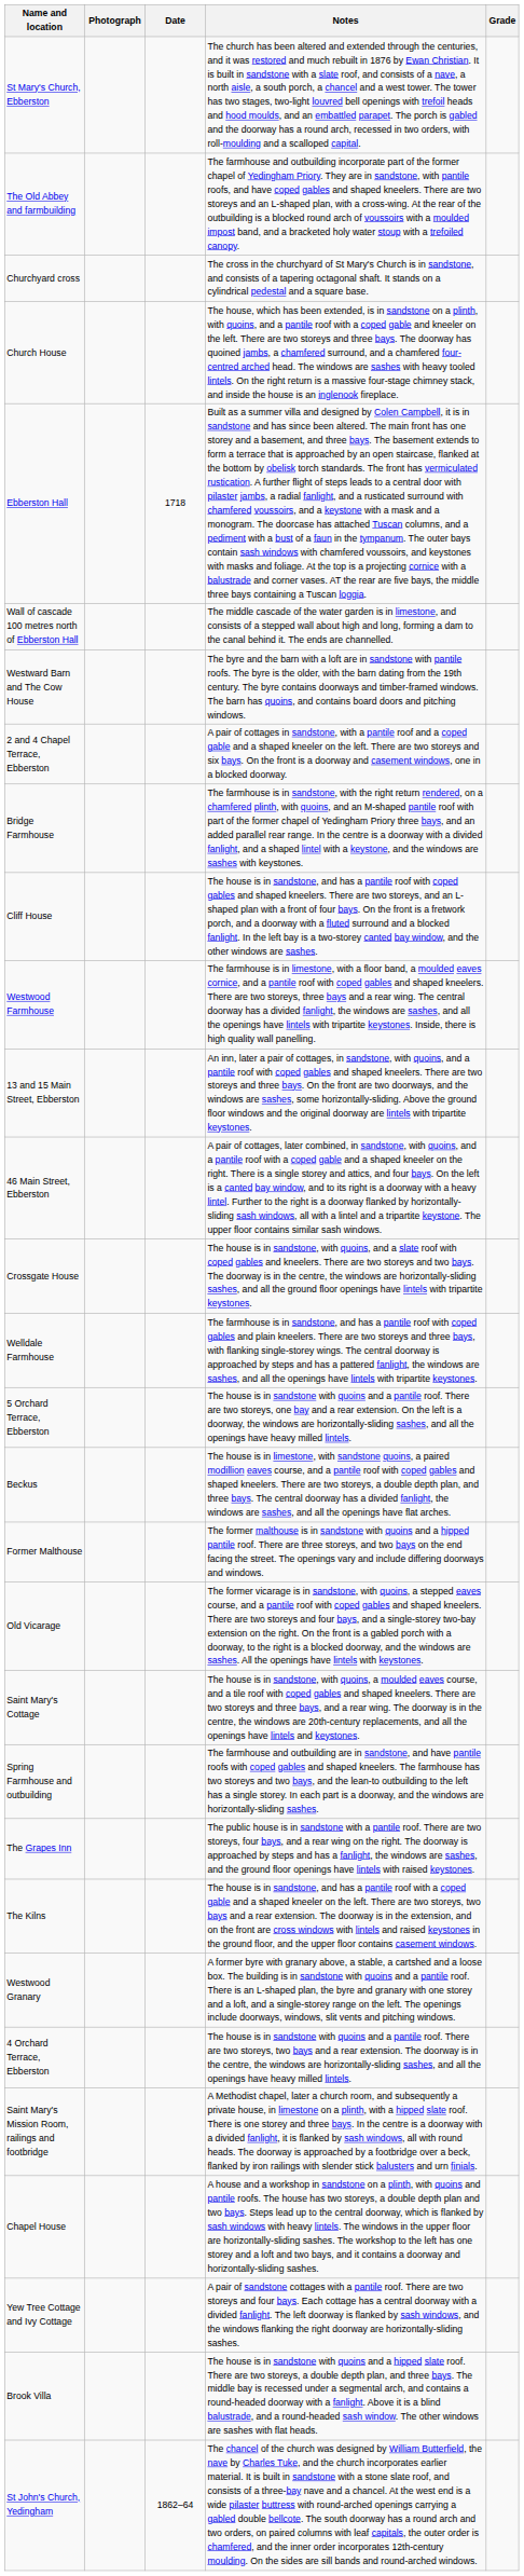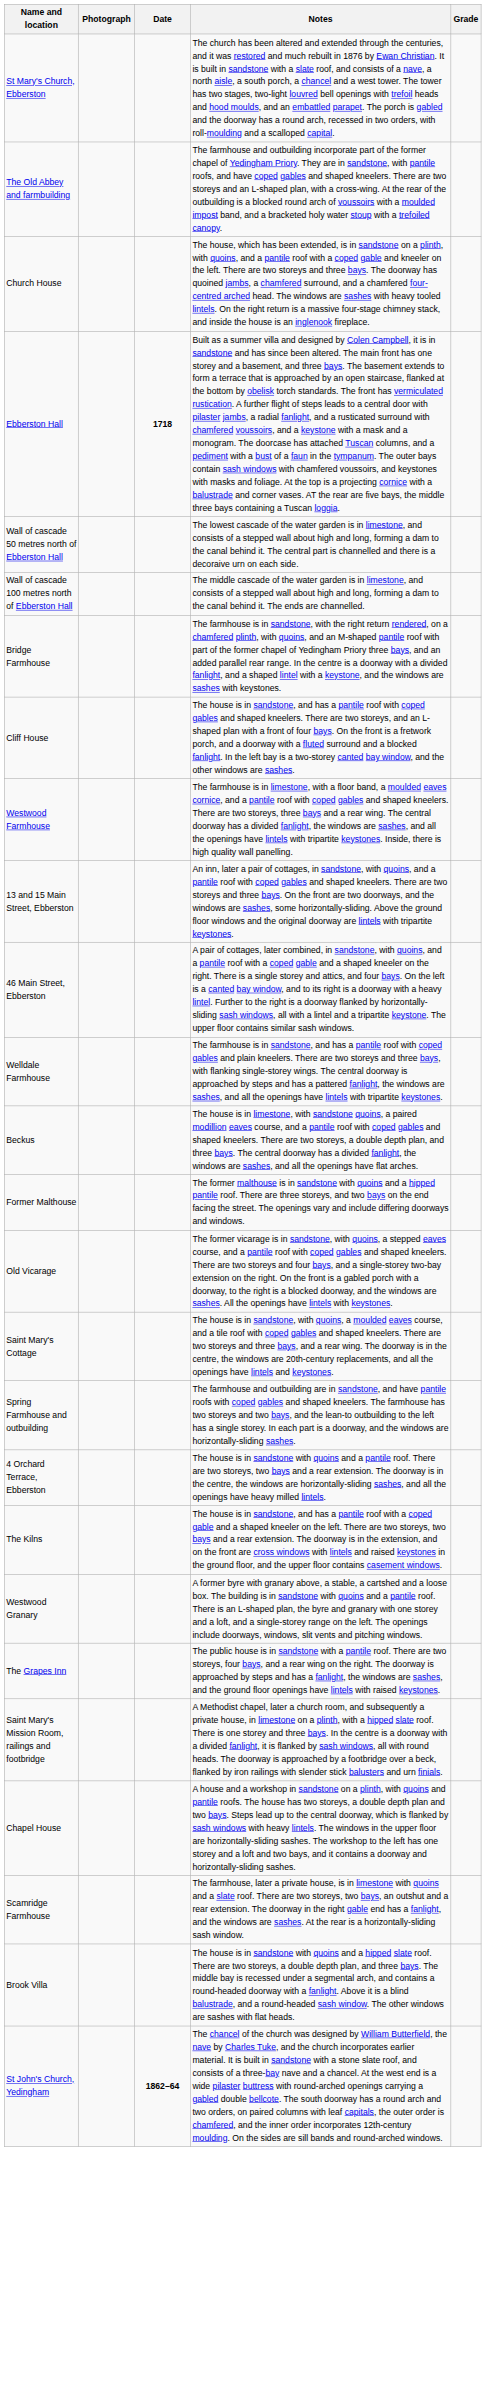 <table class="wikitable sortable plainrowheaders" style="width:100%; border:0px; text-align:left; line-height:150%">
 <tr>
 <th scope="col"  style="width:150px">Name and location</th>
 <th scope="col"  style="width:100px" class="unsortable">Photograph</th>
 <th scope="col"  style="width:120px">Date</th>
 <th scope="col"  style="width:650px" class="unsortable">Notes</th>
 <th scope="col"  style="width:50px">Grade</th>
 </tr>
 <tr>
 <td><a href='#'>St Mary's Church, Ebberston</a><br><small></small></td>
 <td></td>
 <td align="center"></td>
 <td>The church has been altered and extended through the centuries, and it was <a href='#'>restored</a> and much rebuilt in 1876 by <a href='#'>Ewan Christian</a>.  It is built in <a href='#'>sandstone</a> with a <a href='#'>slate</a> roof, and consists of a <a href='#'>nave</a>, a north <a href='#'>aisle</a>, a south porch, a <a href='#'>chancel</a> and a west tower.  The tower has two stages, two-light <a href='#'>louvred</a> bell openings with <a href='#'>trefoil</a> heads and <a href='#'>hood moulds</a>, and an <a href='#'>embattled</a> <a href='#'>parapet</a>.  The porch is <a href='#'>gabled</a> and the doorway has a round arch, recessed in two orders, with roll-<a href='#'>moulding</a> and a scalloped <a href='#'>capital</a>.</td>
 <td align="center" ></td>
 </tr>
 <tr>
 <td><a href='#'>The Old Abbey and farmbuilding</a><br><small></small></td>
 <td></td>
 <td align="center"></td>
 <td>The farmhouse and outbuilding incorporate part of the former chapel of <a href='#'>Yedingham Priory</a>.  They are in <a href='#'>sandstone</a>, with <a href='#'>pantile</a> roofs, and have <a href='#'>coped</a> <a href='#'>gables</a> and shaped kneelers.  There are two storeys and an L-shaped plan, with a cross-wing.  At the rear of the outbuilding is a blocked round arch of <a href='#'>voussoirs</a> with a <a href='#'>moulded</a> <a href='#'>impost</a> band, and a bracketed holy water <a href='#'>stoup</a> with a <a href='#'>trefoiled</a> <a href='#'>canopy</a>.</td>
 <td align="center" ></td>
 </tr>
 <tr>
-<td>Churchyard cross<br><small></small></td>
-<td></td>
-<td align="center"></td>
-<td>The cross in the churchyard of St Mary's Church is in <a href='#'>sandstone</a>, and consists of a tapering octagonal shaft.  It stands on a cylindrical <a href='#'>pedestal</a> and a square base.</td>
-<td align="center" ></td>
-</tr>
-<tr>
 <td>Church House<br><small></small></td>
 <td></td>
 <td align="center"></td>
 <td>The house, which has been extended, is in <a href='#'>sandstone</a> on a <a href='#'>plinth</a>, with <a href='#'>quoins</a>, and a <a href='#'>pantile</a> roof with a <a href='#'>coped</a> <a href='#'>gable</a> and kneeler on the left.  There are two storeys and three <a href='#'>bays</a>.  The doorway has quoined <a href='#'>jambs</a>, a <a href='#'>chamfered</a> surround, and a chamfered <a href='#'>four-centred arched</a> head.  The windows are <a href='#'>sashes</a> with heavy tooled <a href='#'>lintels</a>.  On the right return is a massive four-stage chimney stack, and inside the house is an <a href='#'>inglenook</a> fireplace.</td>
 <td align="center" ></td>
 </tr>
 <tr>
 <td><a href='#'>Ebberston Hall</a><br><small></small></td>
 <td></td>
-<td align="center">1718</td>
+<td align="center"><strong>1718</strong></td>
 <td>Built as a summer villa and designed by <a href='#'>Colen Campbell</a>, it is in <a href='#'>sandstone</a> and has since been altered.  The main front has one storey and a basement, and three <a href='#'>bays</a>.  The basement extends to form a terrace that is approached by an open staircase, flanked at the bottom by <a href='#'>obelisk</a> torch standards.  The front has <a href='#'>vermiculated</a> <a href='#'>rustication</a>.  A further flight of steps leads to a central door with <a href='#'>pilaster</a> <a href='#'>jambs</a>, a radial <a href='#'>fanlight</a>, and a rusticated surround with <a href='#'>chamfered</a> <a href='#'>voussoirs</a>, and a <a href='#'>keystone</a> with a mask and a monogram.  The doorcase has attached <a href='#'>Tuscan</a> columns, and a <a href='#'>pediment</a> with a <a href='#'>bust</a> of a <a href='#'>faun</a> in the <a href='#'>tympanum</a>.  The outer bays contain <a href='#'>sash windows</a> with chamfered voussoirs, and keystones with masks and foliage.  At the top is a projecting <a href='#'>cornice</a> with a <a href='#'>balustrade</a> and corner vases.  AT the rear are five bays, the middle three bays containing a Tuscan <a href='#'>loggia</a>.</td>
+<td align="center" ></td>
+</tr>
+<tr>
+<td>Wall of cascade 50 metres north of <a href='#'>Ebberston Hall</a><br><small></small></td>
+<td></td>
+<td align="center"></td>
+<td>The lowest cascade of the water garden is in <a href='#'>limestone</a>, and consists of a stepped wall about  high and  long, forming a dam to the canal behind it.  The central part is channelled and there is a decoraive urn on each side.</td>
 <td align="center" ></td>
 </tr>
 <tr>
 <td>Wall of cascade 100 metres north of <a href='#'>Ebberston Hall</a><br><small></small></td>
 <td></td>
 <td align="center"></td>
 <td>The middle cascade of the water garden is in <a href='#'>limestone</a>, and consists of a stepped wall about  high and  long, forming a dam to the canal behind it.  The ends are channelled.</td>
-<td align="center" ></td>
-</tr>
-<tr>
-<td>Westward Barn and The Cow House<br><small></small></td>
-<td></td>
-<td align="center"></td>
-<td>The byre and the barn with a loft are in <a href='#'>sandstone</a> with <a href='#'>pantile</a> roofs.  The byre is the older, with the barn dating from the 19th century.  The byre contains doorways and timber-framed windows.  The barn has <a href='#'>quoins</a>, and contains board doors and pitching windows.</td>
-<td align="center" ></td>
-</tr>
-<tr>
-<td>2 and 4 Chapel Terrace, Ebberston<br><small></small></td>
-<td></td>
-<td align="center"></td>
-<td>A pair of cottages in <a href='#'>sandstone</a>, with a <a href='#'>pantile</a> roof and a <a href='#'>coped</a> <a href='#'>gable</a> and a shaped kneeler on the left.  There are two storeys and six <a href='#'>bays</a>.  On the front is a doorway and <a href='#'>casement windows</a>, one in a blocked doorway.</td>
 <td align="center" ></td>
 </tr>
 <tr>
 <td>Bridge Farmhouse<br><small></small></td>
 <td></td>
 <td align="center"></td>
 <td>The farmhouse is in <a href='#'>sandstone</a>, with the right return <a href='#'>rendered</a>, on a <a href='#'>chamfered</a> <a href='#'>plinth</a>, with <a href='#'>quoins</a>, and an M-shaped  <a href='#'>pantile</a> roof with part of the former chapel of Yedingham Priory three <a href='#'>bays</a>, and an added parallel rear range.  In the centre is a doorway with a divided <a href='#'>fanlight</a>, and a shaped <a href='#'>lintel</a> with a <a href='#'>keystone</a>, and the windows are <a href='#'>sashes</a> with keystones.</td>
 <td align="center" ></td>
 </tr>
 <tr>
 <td>Cliff House<br><small></small></td>
 <td></td>
 <td align="center"></td>
 <td>The house is in <a href='#'>sandstone</a>, and has a <a href='#'>pantile</a> roof with <a href='#'>coped</a> <a href='#'>gables</a> and shaped kneelers.  There are two storeys, and an  L-shaped plan with a front of four <a href='#'>bays</a>.  On the front is a fretwork porch, and a doorway with a <a href='#'>fluted</a> surround and a blocked <a href='#'>fanlight</a>.  In the left bay is a two-storey <a href='#'>canted</a> <a href='#'>bay window</a>, and the other windows are <a href='#'>sashes</a>.</td>
 <td align="center" ></td>
 </tr>
 <tr>
 <td><a href='#'>Westwood Farmhouse</a><br><small></small></td>
 <td></td>
 <td align="center"></td>
 <td>The farmhouse is in <a href='#'>limestone</a>, with a floor band, a <a href='#'>moulded</a> <a href='#'>eaves</a> <a href='#'>cornice</a>, and a <a href='#'>pantile</a> roof with <a href='#'>coped</a> <a href='#'>gables</a> and shaped kneelers.  There are two storeys, three <a href='#'>bays</a> and a rear wing.  The central doorway has a divided <a href='#'>fanlight</a>, the windows are <a href='#'>sashes</a>, and all the openings have <a href='#'>lintels</a> with tripartite <a href='#'>keystones</a>.  Inside, there is high quality wall panelling.</td>
 <td align="center" ></td>
 </tr>
 <tr>
 <td>13 and 15 Main Street, Ebberston<br><small></small></td>
 <td></td>
 <td align="center"></td>
 <td>An inn, later a pair of cottages, in <a href='#'>sandstone</a>, with <a href='#'>quoins</a>, and a <a href='#'>pantile</a> roof with <a href='#'>coped</a> <a href='#'>gables</a> and shaped kneelers.  There are two storeys and three <a href='#'>bays</a>.  On the front are two doorways, and the windows are <a href='#'>sashes</a>, some horizontally-sliding.  Above the ground floor windows and the original doorway are <a href='#'>lintels</a> with tripartite <a href='#'>keystones</a>.</td>
 <td align="center" ></td>
 </tr>
 <tr>
 <td>46 Main Street, Ebberston<br><small></small></td>
 <td></td>
 <td align="center"></td>
 <td>A pair of cottages, later combined, in <a href='#'>sandstone</a>, with <a href='#'>quoins</a>, and a <a href='#'>pantile</a> roof with a <a href='#'>coped</a> <a href='#'>gable</a> and a shaped kneeler on the right.  There is a single storey and attics, and four <a href='#'>bays</a>.  On the left is a <a href='#'>canted</a> <a href='#'>bay window</a>, and to its right is a doorway with a heavy <a href='#'>lintel</a>.  Further to the right is a doorway flanked by horizontally-sliding <a href='#'>sash windows</a>, all with a lintel and a tripartite <a href='#'>keystone</a>.  The upper floor contains similar sash windows.</td>
 <td align="center" ></td>
 </tr>
 <tr>
-<td>Crossgate House<br><small></small></td>
-<td></td>
-<td align="center"></td>
-<td>The house is in <a href='#'>sandstone</a>, with <a href='#'>quoins</a>, and a <a href='#'>slate</a> roof with <a href='#'>coped</a> <a href='#'>gables</a> and kneelers.  There are two storeys and two <a href='#'>bays</a>.  The doorway is in the centre, the windows are horizontally-sliding <a href='#'>sashes</a>, and all the ground floor openings have <a href='#'>lintels</a> with tripartite <a href='#'>keystones</a>.</td>
-<td align="center" ></td>
-</tr>
-<tr>
 <td>Welldale Farmhouse<br><small></small></td>
 <td></td>
 <td align="center"></td>
 <td>The farmhouse is in <a href='#'>sandstone</a>, and has a <a href='#'>pantile</a> roof with <a href='#'>coped</a> <a href='#'>gables</a> and plain kneelers.  There are two storeys and three <a href='#'>bays</a>, with flanking single-storey wings.  The central doorway is approached by steps and has a pattered <a href='#'>fanlight</a>, the windows are <a href='#'>sashes</a>, and all the openings have <a href='#'>lintels</a> with tripartite <a href='#'>keystones</a>.</td>
-<td align="center" ></td>
-</tr>
-<tr>
-<td>5 Orchard Terrace, Ebberston<br><small></small></td>
-<td></td>
-<td align="center"></td>
-<td>The house is in <a href='#'>sandstone</a> with <a href='#'>quoins</a> and a <a href='#'>pantile</a> roof.  There are two storeys, one <a href='#'>bay</a> and a rear extension.  On the left is a doorway, the windows are horizontally-sliding <a href='#'>sashes</a>, and all the openings have heavy milled <a href='#'>lintels</a>.</td>
 <td align="center" ></td>
 </tr>
 <tr>
 <td>Beckus<br><small></small></td>
 <td></td>
 <td align="center"></td>
 <td>The house is in <a href='#'>limestone</a>, with <a href='#'>sandstone</a> <a href='#'>quoins</a>, a paired <a href='#'>modillion</a> <a href='#'>eaves</a> course, and a <a href='#'>pantile</a> roof with <a href='#'>coped</a> <a href='#'>gables</a> and shaped kneelers.  There are two storeys, a double depth plan, and three <a href='#'>bays</a>.  The central doorway has a divided <a href='#'>fanlight</a>, the windows are <a href='#'>sashes</a>, and all the openings have flat arches.</td>
 <td align="center" ></td>
 </tr>
 <tr>
 <td>Former Malthouse<br><small></small></td>
 <td></td>
 <td align="center"></td>
 <td>The former <a href='#'>malthouse</a> is in <a href='#'>sandstone</a> with <a href='#'>quoins</a> and a <a href='#'>hipped</a> <a href='#'>pantile</a> roof.  There are three storeys, and two <a href='#'>bays</a> on the end facing the street.  The openings vary and include differing doorways and windows.</td>
 <td align="center" ></td>
 </tr>
 <tr>
 <td>Old Vicarage<br><small></small></td>
 <td></td>
 <td align="center"></td>
 <td>The former vicarage is in <a href='#'>sandstone</a>, with <a href='#'>quoins</a>, a stepped <a href='#'>eaves</a> course, and a <a href='#'>pantile</a> roof with <a href='#'>coped</a> <a href='#'>gables</a> and shaped kneelers.  There are two storeys and four <a href='#'>bays</a>, and a single-storey two-bay extension on the right.  On the front is a gabled porch with a doorway, to the right is a blocked doorway, and the windows are <a href='#'>sashes</a>.  All the openings have <a href='#'>lintels</a> with <a href='#'>keystones</a>.</td>
 <td align="center" ></td>
 </tr>
 <tr>
 <td>Saint Mary's Cottage<br><small></small></td>
 <td></td>
 <td align="center"></td>
 <td>The house is in <a href='#'>sandstone</a>, with <a href='#'>quoins</a>, a <a href='#'>moulded</a> <a href='#'>eaves</a> course, and a tile roof with <a href='#'>coped</a> <a href='#'>gables</a> and shaped kneelers.  There are two storeys and three <a href='#'>bays</a>, and a rear wing.  The doorway is in the centre, the windows are 20th-century replacements, and all the openings have <a href='#'>lintels</a> and <a href='#'>keystones</a>.</td>
 <td align="center" ></td>
 </tr>
 <tr>
 <td>Spring Farmhouse and outbuilding<br><small></small></td>
 <td></td>
 <td align="center"></td>
 <td>The farmhouse and outbuilding are in <a href='#'>sandstone</a>, and have <a href='#'>pantile</a> roofs with <a href='#'>coped</a> <a href='#'>gables</a> and shaped kneelers.  The farmhouse has two storeys and two <a href='#'>bays</a>, and the lean-to outbuilding to the left has a single storey.  In each part is a doorway, and the windows are horizontally-sliding <a href='#'>sashes</a>.</td>
 <td align="center" ></td>
 </tr>
 <tr>
-<td>The <a href='#'>Grapes Inn</a><br><small></small></td>
+<td>4 Orchard Terrace, Ebberston<br><small></small></td>
 <td></td>
 <td align="center"></td>
-<td>The public house is in <a href='#'>sandstone</a> with a <a href='#'>pantile</a> roof.  There are two storeys, four <a href='#'>bays</a>, and a rear wing on the right.  The doorway is approached by steps and has a <a href='#'>fanlight</a>, the windows are <a href='#'>sashes</a>, and the ground floor openings have <a href='#'>lintels</a> with raised <a href='#'>keystones</a>.</td>
+<td>The house is in <a href='#'>sandstone</a> with <a href='#'>quoins</a> and a <a href='#'>pantile</a> roof.  There are two storeys, two <a href='#'>bays</a> and a rear extension.  The doorway is in the centre, the windows are horizontally-sliding <a href='#'>sashes</a>, and all the openings have heavy milled <a href='#'>lintels</a>.</td>
 <td align="center" ></td>
 </tr>
 <tr>
 <td>The Kilns<br><small></small></td>
 <td></td>
 <td align="center"></td>
 <td>The house is in <a href='#'>sandstone</a>, and has a <a href='#'>pantile</a> roof with a <a href='#'>coped</a> <a href='#'>gable</a> and a shaped kneeler on the left.  There are two storeys, two <a href='#'>bays</a> and a rear extension.  The doorway is in the extension, and on the front are <a href='#'>cross windows</a> with <a href='#'>lintels</a> and raised <a href='#'>keystones</a> in the ground floor, and the upper floor contains <a href='#'>casement windows</a>.</td>
 <td align="center" ></td>
 </tr>
 <tr>
 <td>Westwood Granary<br><small></small></td>
 <td></td>
 <td align="center"></td>
 <td>A former byre with granary above, a stable, a cartshed and a loose box. The building is in <a href='#'>sandstone</a> with <a href='#'>quoins</a> and a <a href='#'>pantile</a> roof.  There is an L-shaped plan, the byre and granary with one storey and a loft, and a single-storey range on the left.  The openings include doorways, windows, slit vents and pitching windows.</td>
 <td align="center" ></td>
 </tr>
 <tr>
-<td>4 Orchard Terrace, Ebberston<br><small></small></td>
+<td>The <a href='#'>Grapes Inn</a><br><small></small></td>
 <td></td>
 <td align="center"></td>
-<td>The house is in <a href='#'>sandstone</a> with <a href='#'>quoins</a> and a <a href='#'>pantile</a> roof.  There are two storeys, two <a href='#'>bays</a> and a rear extension.  The doorway is in the centre, the windows are horizontally-sliding <a href='#'>sashes</a>, and all the openings have heavy milled <a href='#'>lintels</a>.</td>
+<td>The public house is in <a href='#'>sandstone</a> with a <a href='#'>pantile</a> roof.  There are two storeys, four <a href='#'>bays</a>, and a rear wing on the right.  The doorway is approached by steps and has a <a href='#'>fanlight</a>, the windows are <a href='#'>sashes</a>, and the ground floor openings have <a href='#'>lintels</a> with raised <a href='#'>keystones</a>.</td>
 <td align="center" ></td>
 </tr>
 <tr>
 <td>Saint Mary's Mission Room, railings and footbridge<br><small></small></td>
 <td></td>
 <td align="center"></td>
 <td>A Methodist chapel, later a church room, and subsequently a private house, in <a href='#'>limestone</a> on a <a href='#'>plinth</a>, with a <a href='#'>hipped</a> <a href='#'>slate</a> roof.  There is one storey and three <a href='#'>bays</a>.  In the centre is a doorway with a divided <a href='#'>fanlight</a>, it is flanked by <a href='#'>sash windows</a>, all with round heads.  The doorway is approached by a footbridge over a beck, flanked by iron railings with slender stick <a href='#'>balusters</a> and urn <a href='#'>finials</a>.</td>
 <td align="center" ></td>
 </tr>
 <tr>
 <td>Chapel House<br><small></small></td>
 <td></td>
 <td align="center"></td>
 <td>A house and a workshop in <a href='#'>sandstone</a> on a <a href='#'>plinth</a>, with <a href='#'>quoins</a> and <a href='#'>pantile</a> roofs.  The house has two storeys, a double depth plan  and two <a href='#'>bays</a>.  Steps lead up to the central doorway, which is flanked by <a href='#'>sash windows</a> with heavy <a href='#'>lintels</a>.  The windows in the upper floor are horizontally-sliding sashes.  The workshop to the left has one storey and a loft and two bays, and it contains a doorway and horizontally-sliding sashes.</td>
 <td align="center" ></td>
 </tr>
 <tr>
-<td>Yew Tree Cottage and Ivy Cottage<br><small></small></td>
+<td>Scamridge Farmhouse<br><small></small></td>
 <td></td>
 <td align="center"></td>
-<td>A pair of <a href='#'>sandstone</a> cottages with a <a href='#'>pantile</a> roof.  There are two storeys and four <a href='#'>bays</a>.  Each cottage has a central doorway with a divided <a href='#'>fanlight</a>.  The left doorway is flanked by <a href='#'>sash windows</a>, and the windows flanking the right doorway are horizontally-sliding sashes.</td>
+<td>The farmhouse, later a private house, is in <a href='#'>limestone</a> with <a href='#'>quoins</a> and a <a href='#'>slate</a> roof.  There are two storeys, two <a href='#'>bays</a>, an outshut and a rear extension.  The doorway in the right <a href='#'>gable</a> end has a <a href='#'>fanlight</a>, and the windows are <a href='#'>sashes</a>.  At the rear is a horizontally-sliding sash window.</td>
 <td align="center" ></td>
 </tr>
 <tr>
 <td>Brook Villa<br><small></small></td>
 <td></td>
 <td align="center"></td>
 <td>The house is in <a href='#'>sandstone</a> with <a href='#'>quoins</a> and a <a href='#'>hipped</a> <a href='#'>slate</a> roof.  There are two storeys, a double depth plan, and three <a href='#'>bays</a>.  The middle bay is recessed under a segmental arch, and contains a round-headed doorway with a <a href='#'>fanlight</a>.  Above it is a blind <a href='#'>balustrade</a>, and a round-headed <a href='#'>sash window</a>.  The other windows are sashes with flat heads.</td>
 <td align="center" ></td>
 </tr>
 <tr>
 <td><a href='#'>St John's Church, Yedingham</a><br><small></small></td>
 <td></td>
-<td align="center">1862–64</td>
+<td align="center"><strong>1862–64</strong></td>
 <td>The <a href='#'>chancel</a> of the church was designed by <a href='#'>William Butterfield</a>, the <a href='#'>nave</a> by <a href='#'>Charles Tuke</a>, and the church incorporates earlier material.  It is built in <a href='#'>sandstone</a> with a stone slate roof, and consists of a three-<a href='#'>bay</a> nave and a chancel.  At the west end is a wide <a href='#'>pilaster</a> <a href='#'>buttress</a> with round-arched openings carrying a <a href='#'>gabled</a> double <a href='#'>bellcote</a>.  The south doorway has a round arch and two orders, on paired columns with leaf <a href='#'>capitals</a>, the outer order is <a href='#'>chamfered</a>, and the inner order incorporates 12th-century <a href='#'>moulding</a>.  On the sides are sill bands and round-arched windows.</td>
 <td align="center" ></td>
 </tr>
 <tr>
 </tr>
 </table>
